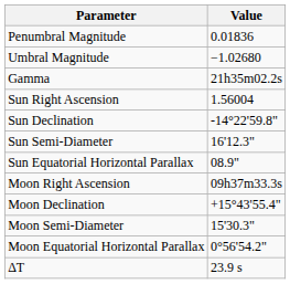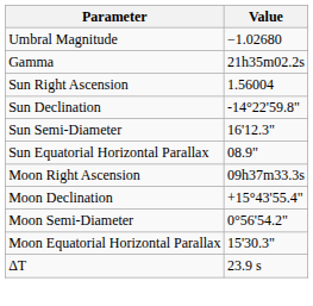 <table class="wikitable">
 <tr>
 <th>Parameter</th>
 <th>Value</th>
-</tr>
-<tr>
-<td>Penumbral Magnitude</td>
-<td>0.01836</td>
 </tr>
 <tr>
 <td>Umbral Magnitude</td>
 <td>−1.02680</td>
 </tr>
 <tr>
 <td>Gamma</td>
 <td>21h35m02.2s</td>
 </tr>
 <tr>
 <td>Sun Right Ascension</td>
 <td>1.56004</td>
 </tr>
 <tr>
 <td>Sun Declination</td>
 <td>-14°22'59.8"</td>
 </tr>
 <tr>
 <td>Sun Semi-Diameter</td>
 <td>16'12.3"</td>
 </tr>
 <tr>
 <td>Sun Equatorial Horizontal Parallax</td>
 <td>08.9"</td>
 </tr>
 <tr>
 <td>Moon Right Ascension</td>
 <td>09h37m33.3s</td>
 </tr>
 <tr>
 <td>Moon Declination</td>
 <td>+15°43'55.4"</td>
 </tr>
 <tr>
 <td>Moon Semi-Diameter</td>
-<td>15'30.3"</td>
+<td>0°56'54.2"</td>
 </tr>
 <tr>
 <td>Moon Equatorial Horizontal Parallax</td>
-<td>0°56'54.2"</td>
+<td>15'30.3"</td>
 </tr>
 <tr>
 <td>ΔT</td>
 <td>23.9 s</td>
 </tr>
 </table>
